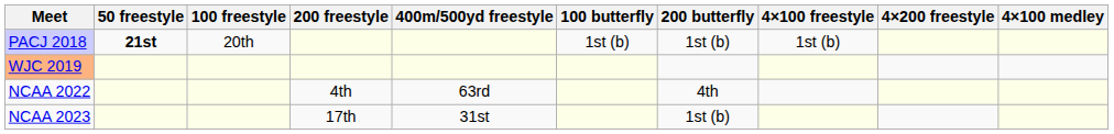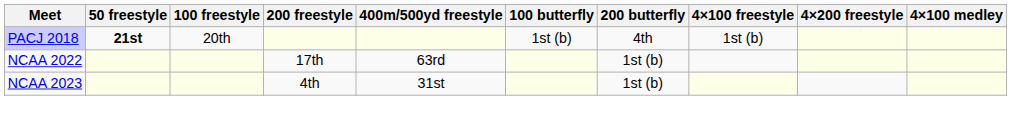 <table class="sortable wikitable">
 <tr>
 <th>Meet</th>
 <th class="unsortable">50 freestyle</th>
 <th class="unsortable">100 freestyle</th>
 <th class="unsortable">200 freestyle</th>
 <th class="unsortable">400m/500yd freestyle</th>
 <th class="unsortable">100 butterfly</th>
 <th class="unsortable">200 butterfly</th>
 <th class="unsortable">4×100 freestyle</th>
 <th class="unsortable">4×200 freestyle</th>
 <th class="unsortable">4×100 medley</th>
 </tr>
 <tr>
 <td style="background:#ccccff"><a href='#'>PACJ 2018</a></td>
 <td align="center"><strong>21st</strong></td>
 <td align="center">20th</td>
 <td style="background:#fdffe7"></td>
 <td style="background:#fdffe7"></td>
 <td align="center">1st (b)</td>
-<td align="center">1st (b)</td>
+<td align="center">4th</td>
 <td align="center">1st (b)</td>
 <td style="background:#fdffe7"></td>
 <td style="background:#fdffe7"></td>
 </tr>
 <tr>
-<td style="background:#ffb380"><a href='#'>WJC 2019</a></td>
-<td style="background:#fdffe7"></td>
-<td style="background:#fdffe7"></td>
-<td style="background:#fdffe7"></td>
-<td style="background:#fdffe7"></td>
-<td style="background:#fdffe7"></td>
-<td align="center"></td>
-<td style="background:#fdffe7"></td>
-<td align="center"></td>
-<td align="center"></td>
-</tr>
-<tr>
 <td><a href='#'>NCAA 2022</a></td>
 <td style="background:#fdffe7"></td>
 <td style="background:#fdffe7"></td>
-<td align="center">4th</td>
+<td align="center">17th</td>
 <td align="center">63rd</td>
 <td style="background:#fdffe7"></td>
-<td align="center">4th</td>
+<td align="center">1st (b)</td>
 <td align="center"></td>
 <td style="background:#fdffe7"></td>
 <td style="background:#fdffe7"></td>
 </tr>
 <tr>
 <td><a href='#'>NCAA 2023</a></td>
 <td style="background:#fdffe7"></td>
 <td style="background:#fdffe7"></td>
-<td align="center">17th</td>
+<td align="center">4th</td>
 <td align="center">31st</td>
 <td style="background:#fdffe7"></td>
 <td align="center">1st (b)</td>
 <td style="background:#fdffe7"></td>
 <td align="center"></td>
 <td style="background:#fdffe7"></td>
 </tr>
 </table>
